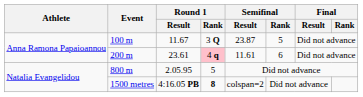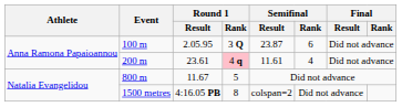 <table class=wikitable style="font-size:90%">
 <tr>
 <th rowspan="2">Athlete</th>
 <th rowspan="2">Event</th>
 <th colspan="2">Round 1</th>
 <th colspan="2">Semifinal</th>
 <th colspan="2">Final</th>
 </tr>
 <tr style="font-size:95%">
 <th>Result</th>
 <th>Rank</th>
 <th>Result</th>
 <th>Rank</th>
 <th>Result</th>
 <th>Rank</th>
 </tr>
 <tr align=center>
 <td align=left rowspan=2><a href='#'>Anna Ramona Papaioannou</a></td>
 <td align=left><a href='#'>100 m</a></td>
-<td>11.67</td>
+<td>2.05.95</td>
 <td>3 <strong>Q</strong></td>
 <td>23.87</td>
-<td>5</td>
+<td>6</td>
 <td colspan="2">Did not advance</td>
 </tr>
 <tr align=center>
 <td align=left><a href='#'>200 m</a></td>
 <td>23.61</td>
 <td style="background: pink;">4 <strong>q</strong></td>
 <td>11.61</td>
-<td>6</td>
+<td>4</td>
 <td colspan="2">Did not advance</td>
 </tr>
 <tr align=center>
 <td align=left rowspan=2><a href='#'>Natalia Evangelidou</a></td>
 <td align=left><a href='#'>800 m</a></td>
-<td>2.05.95</td>
+<td>11.67</td>
 <td>5</td>
 <td colspan="4">Did not advance</td>
 </tr>
 <tr align=center>
 <td align=left><a href='#'>1500 metres</a></td>
 <td>4:16.05 <strong>PB</strong></td>
-<td><strong>8</strong></td>
+<td>8</td>
 <td>colspan=2 </td>
 <td colspan="2">Did not advance</td>
 </tr>
 </table>
